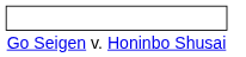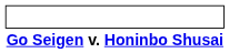 <table>
 <tr>
 <td style="border: solid thin; padding: 2px;"><br></td>
 </tr>
 <tr>
-<td style="text-align:center"><a href='#'>Go Seigen</a> v. <a href='#'>Honinbo Shusai</a></td>
+<td style="text-align:center"><strong><a href='#'>Go Seigen</a> v. <a href='#'>Honinbo Shusai</a></strong></td>
 </tr>
 </table>
